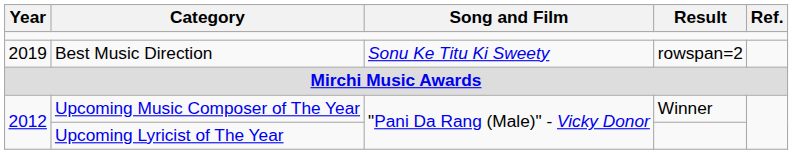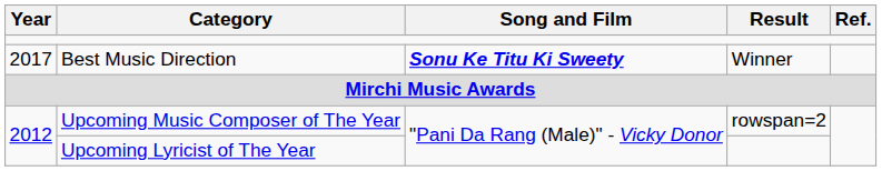 <table class="wikitable sortable">
 <tr>
 <th>Year</th>
 <th>Category</th>
 <th>Song and Film</th>
 <th>Result</th>
 <th>Ref.</th>
 </tr>
 <tr>
 <td colspan="5"></td>
 </tr>
 <tr>
-<td>2019</td>
+<td>2017</td>
 <td>Best Music Direction</td>
-<td><em><a href='#'>Sonu Ke Titu Ki Sweety</a></em></td>
-<td>rowspan=2 </td>
+<td><strong><em><a href='#'>Sonu Ke Titu Ki Sweety</a></em></strong></td>
+<td>Winner</td>
 <td></td>
 </tr>
 <tr style="background:#ddd; ">
 <td colspan="5" style="text-align: center; "><strong><a href='#'>Mirchi Music Awards</a></strong></td>
 </tr>
 <tr>
 <td rowspan=2><a href='#'>2012</a></td>
 <td><a href='#'>Upcoming Music Composer of The Year</a></td>
 <td rowspan=2>"<a href='#'>Pani Da Rang</a> (Male)" - <em><a href='#'>Vicky Donor</a></em></td>
-<td>Winner</td>
+<td>rowspan=2 </td>
 <td rowspan=2></td>
 </tr>
 <tr>
 <td><a href='#'>Upcoming Lyricist of The Year</a></td>
 </tr>
 </table>
